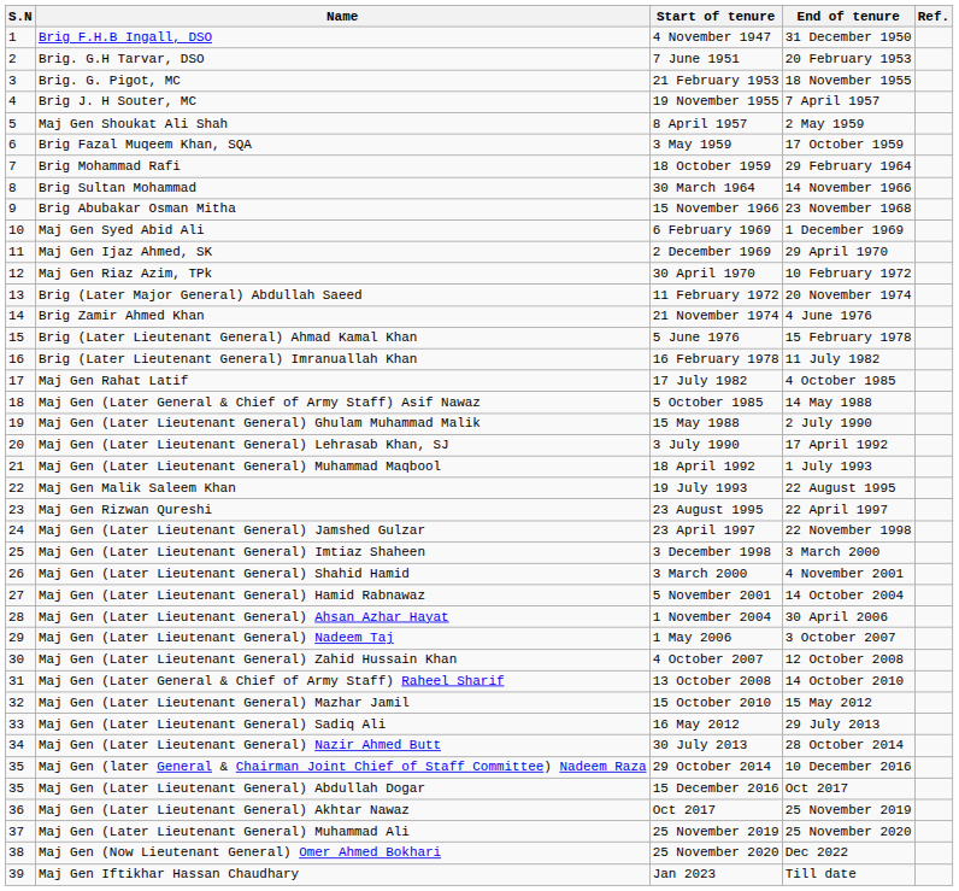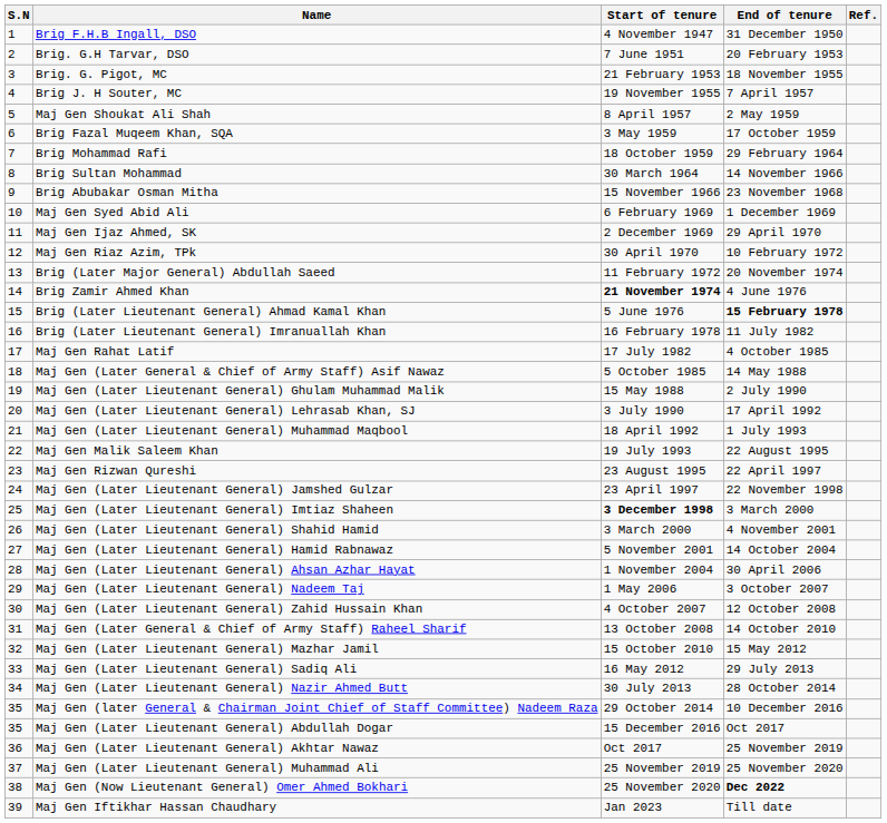 <table class="wikitable sortable">
 <tr>
 <th>S.N</th>
 <th>Name</th>
 <th>Start of tenure</th>
 <th>End of tenure</th>
 <th>Ref.</th>
 </tr>
 <tr>
 <td>1</td>
 <td><a href='#'>Brig F.H.B Ingall, DSO</a></td>
 <td>4 November 1947</td>
 <td>31 December 1950</td>
 <td></td>
 </tr>
 <tr>
 <td>2</td>
 <td>Brig. G.H Tarvar, DSO</td>
 <td>7 June 1951</td>
 <td>20 February 1953</td>
 <td></td>
 </tr>
 <tr>
 <td>3</td>
 <td>Brig. G. Pigot, MC</td>
 <td>21 February 1953</td>
 <td>18 November 1955</td>
 <td></td>
 </tr>
 <tr>
 <td>4</td>
 <td>Brig J. H Souter, MC</td>
 <td>19 November 1955</td>
 <td>7 April 1957</td>
 <td></td>
 </tr>
 <tr>
 <td>5</td>
 <td>Maj Gen Shoukat Ali Shah</td>
 <td>8 April 1957</td>
 <td>2 May 1959</td>
 <td></td>
 </tr>
 <tr>
 <td>6</td>
 <td>Brig Fazal Muqeem Khan, SQA</td>
 <td>3 May 1959</td>
 <td>17 October 1959</td>
 <td></td>
 </tr>
 <tr>
 <td>7</td>
 <td>Brig Mohammad Rafi</td>
 <td>18 October 1959</td>
 <td>29 February 1964</td>
 <td></td>
 </tr>
 <tr>
 <td>8</td>
 <td>Brig Sultan Mohammad</td>
 <td>30 March 1964</td>
 <td>14 November 1966</td>
 <td></td>
 </tr>
 <tr>
 <td>9</td>
 <td>Brig Abubakar Osman Mitha</td>
 <td>15 November 1966</td>
 <td>23 November 1968</td>
 <td></td>
 </tr>
 <tr>
 <td>10</td>
 <td>Maj Gen Syed Abid Ali</td>
 <td>6 February 1969</td>
 <td>1 December 1969</td>
 <td></td>
 </tr>
 <tr>
 <td>11</td>
 <td>Maj Gen Ijaz Ahmed, SK</td>
 <td>2 December 1969</td>
 <td>29 April 1970</td>
 <td></td>
 </tr>
 <tr>
 <td>12</td>
 <td>Maj Gen Riaz Azim, TPk</td>
 <td>30 April 1970</td>
 <td>10 February 1972</td>
 <td></td>
 </tr>
 <tr>
 <td>13</td>
 <td>Brig (Later Major General) Abdullah Saeed</td>
 <td>11 February 1972</td>
 <td>20 November 1974</td>
 <td></td>
 </tr>
 <tr>
 <td>14</td>
 <td>Brig Zamir Ahmed Khan</td>
-<td>21 November 1974</td>
+<td><strong>21 November 1974</strong></td>
 <td>4 June 1976</td>
 <td></td>
 </tr>
 <tr>
 <td>15</td>
 <td>Brig (Later Lieutenant General) Ahmad Kamal Khan</td>
 <td>5 June 1976</td>
-<td>15 February 1978</td>
+<td><strong>15 February 1978</strong></td>
 <td></td>
 </tr>
 <tr>
 <td>16</td>
 <td>Brig (Later Lieutenant General) Imranuallah Khan</td>
 <td>16 February 1978</td>
 <td>11 July 1982</td>
 <td></td>
 </tr>
 <tr>
 <td>17</td>
 <td>Maj Gen Rahat Latif</td>
 <td>17 July 1982</td>
 <td>4 October 1985</td>
 <td></td>
 </tr>
 <tr>
 <td>18</td>
 <td>Maj Gen (Later General & Chief of Army Staff) Asif Nawaz</td>
 <td>5 October 1985</td>
 <td>14 May 1988</td>
 <td></td>
 </tr>
 <tr>
 <td>19</td>
 <td>Maj Gen (Later Lieutenant General) Ghulam Muhammad Malik</td>
 <td>15 May 1988</td>
 <td>2 July 1990</td>
 <td></td>
 </tr>
 <tr>
 <td>20</td>
 <td>Maj Gen (Later Lieutenant General) Lehrasab Khan, SJ</td>
 <td>3 July 1990</td>
 <td>17 April 1992</td>
 <td></td>
 </tr>
 <tr>
 <td>21</td>
 <td>Maj Gen (Later Lieutenant General) Muhammad Maqbool</td>
 <td>18 April 1992</td>
 <td>1 July 1993</td>
 <td></td>
 </tr>
 <tr>
 <td>22</td>
 <td>Maj Gen Malik Saleem Khan</td>
 <td>19 July 1993</td>
 <td>22 August 1995</td>
 <td></td>
 </tr>
 <tr>
 <td>23</td>
 <td>Maj Gen Rizwan Qureshi</td>
 <td>23 August 1995</td>
 <td>22 April 1997</td>
 <td></td>
 </tr>
 <tr>
 <td>24</td>
 <td>Maj Gen (Later Lieutenant General) Jamshed Gulzar</td>
 <td>23 April 1997</td>
 <td>22 November 1998</td>
 <td></td>
 </tr>
 <tr>
 <td>25</td>
 <td>Maj Gen (Later Lieutenant General) Imtiaz Shaheen</td>
-<td>3 December 1998</td>
+<td><strong>3 December 1998</strong></td>
 <td>3 March 2000</td>
 <td></td>
 </tr>
 <tr>
 <td>26</td>
 <td>Maj Gen (Later Lieutenant General) Shahid Hamid</td>
 <td>3 March 2000</td>
 <td>4 November 2001</td>
 <td></td>
 </tr>
 <tr>
 <td>27</td>
 <td>Maj Gen (Later Lieutenant General) Hamid Rabnawaz</td>
 <td>5 November 2001</td>
 <td>14 October 2004</td>
 <td></td>
 </tr>
 <tr>
 <td>28</td>
 <td>Maj Gen (Later Lieutenant General) <a href='#'>Ahsan Azhar Hayat</a></td>
 <td>1 November 2004</td>
 <td>30 April 2006</td>
 <td></td>
 </tr>
 <tr>
 <td>29</td>
 <td>Maj Gen (Later Lieutenant General) <a href='#'>Nadeem Taj</a></td>
 <td>1 May 2006</td>
 <td>3 October 2007</td>
 <td></td>
 </tr>
 <tr>
 <td>30</td>
 <td>Maj Gen (Later Lieutenant General) Zahid Hussain Khan</td>
 <td>4 October 2007</td>
 <td>12 October 2008</td>
 <td></td>
 </tr>
 <tr>
 <td>31</td>
 <td>Maj Gen (Later General & Chief of Army Staff) <a href='#'>Raheel Sharif</a></td>
 <td>13 October 2008</td>
 <td>14 October 2010</td>
 <td></td>
 </tr>
 <tr>
 <td>32</td>
 <td>Maj Gen (Later Lieutenant General) Mazhar Jamil</td>
 <td>15 October 2010</td>
 <td>15 May 2012</td>
 <td></td>
 </tr>
 <tr>
 <td>33</td>
 <td>Maj Gen (Later Lieutenant General) Sadiq Ali</td>
 <td>16 May 2012</td>
 <td>29 July 2013</td>
 <td></td>
 </tr>
 <tr>
 <td>34</td>
 <td>Maj Gen (Later Lieutenant General) <a href='#'>Nazir Ahmed Butt</a></td>
 <td>30 July 2013</td>
 <td>28 October 2014</td>
 <td></td>
 </tr>
 <tr>
 <td>35</td>
 <td>Maj Gen (later <a href='#'>General</a> & <a href='#'>Chairman Joint Chief of Staff Committee</a>) <a href='#'>Nadeem Raza</a></td>
 <td>29 October 2014</td>
 <td>10 December 2016</td>
 <td></td>
 </tr>
 <tr>
 <td>35</td>
 <td>Maj Gen (Later Lieutenant General) Abdullah Dogar</td>
 <td>15 December 2016</td>
 <td>Oct 2017</td>
 <td></td>
 </tr>
 <tr>
 <td>36</td>
 <td>Maj Gen (Later Lieutenant General) Akhtar Nawaz</td>
 <td>Oct 2017</td>
 <td>25 November 2019</td>
 <td></td>
 </tr>
 <tr>
 <td>37</td>
 <td>Maj Gen (Later Lieutenant General) Muhammad Ali</td>
 <td>25 November 2019</td>
 <td>25 November 2020</td>
 <td></td>
 </tr>
 <tr>
 <td>38</td>
 <td>Maj Gen (Now Lieutenant General) <a href='#'>Omer Ahmed Bokhari</a></td>
 <td>25 November 2020</td>
-<td>Dec 2022</td>
+<td><strong>Dec 2022</strong></td>
 <td></td>
 </tr>
 <tr>
 <td>39</td>
 <td>Maj Gen Iftikhar Hassan Chaudhary</td>
 <td>Jan 2023</td>
 <td>Till date</td>
 <td></td>
 </tr>
 </table>
